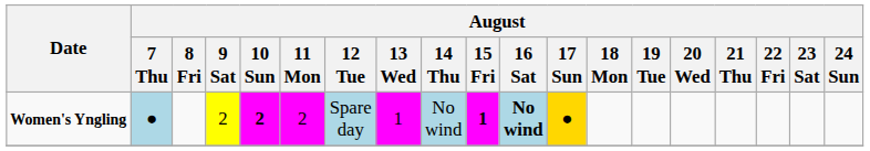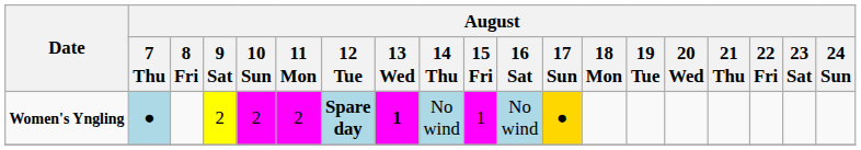 <table class="wikitable" style="margin:0.5em auto; font-size:90%; line-height:1.25em;">
 <tr>
 <th rowspan=2>Date</th>
 <th colspan=18>August</th>
 </tr>
 <tr>
 <th>7<br>Thu</th>
 <th>8<br>Fri</th>
 <th>9<br>Sat</th>
 <th>10<br>Sun</th>
 <th>11<br>Mon</th>
 <th>12<br>Tue</th>
 <th>13<br>Wed</th>
 <th>14<br>Thu</th>
 <th>15<br>Fri</th>
 <th>16<br>Sat</th>
 <th>17<br>Sun</th>
 <th>18<br>Mon</th>
 <th>19<br>Tue</th>
 <th>20<br>Wed</th>
 <th>21<br>Thu</th>
 <th>22<br>Fri</th>
 <th>23<br>Sat</th>
 <th>24<br>Sun</th>
 </tr>
 <tr align="center">
 <td align="right"><small><strong>Women's Yngling</strong></small></td>
 <td bgcolor=LightBlue><span> ● </span></td>
 <td></td>
 <td bgcolor=Yellow><span> 2 </span></td>
-<td bgcolor=Fuchsia><strong><span> 2 </span></strong></td>
 <td bgcolor=Fuchsia><span> 2 </span></td>
-<td bgcolor=LightBlue><span> Spare<br>day </span></td>
+<td bgcolor=Fuchsia><span> 2 </span></td>
+<td bgcolor=LightBlue><strong><span> Spare<br>day </span></strong></td>
+<td bgcolor=Fuchsia><strong><span> 1 </span></strong></td>
+<td bgcolor=LightBlue><span> No<br>wind </span></td>
 <td bgcolor=Fuchsia><span> 1 </span></td>
 <td bgcolor=LightBlue><span> No<br>wind </span></td>
-<td bgcolor=Fuchsia><strong><span> 1 </span></strong></td>
-<td bgcolor=LightBlue><strong><span> No<br>wind </span></strong></td>
 <td bgcolor=Gold><span> ● </span></td>
 <td></td>
 <td></td>
 <td></td>
 <td></td>
 <td></td>
 <td></td>
 <td></td>
 </tr>
 <tr>
 </tr>
 </table>
